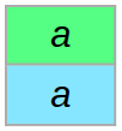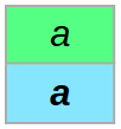 <table class="wikitable" style="text-align:center;">
 <tr>
 <td bgcolor="#55FF83" width="40"><em>a</em></td>
 </tr>
 <tr>
-<td bgcolor="#87E6FF" width="40"><em>a</em></td>
+<td bgcolor="#87E6FF" width="40"><strong><em>a</em></strong></td>
 </tr>
 </table>
